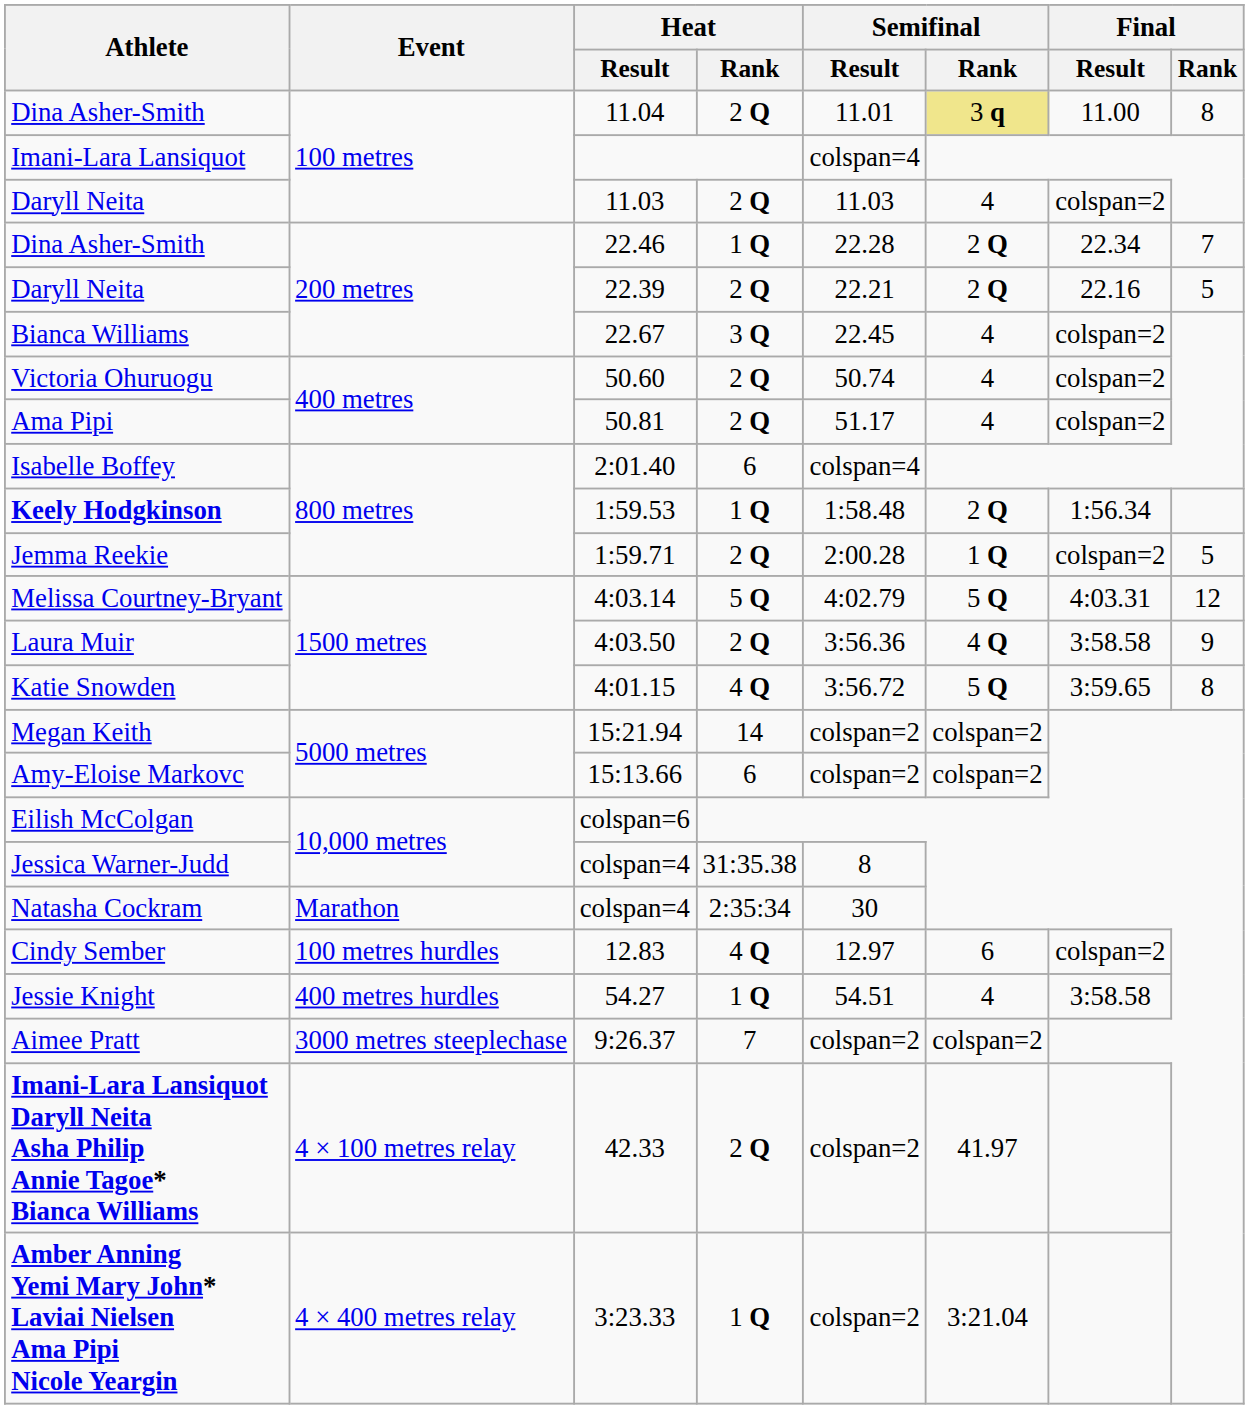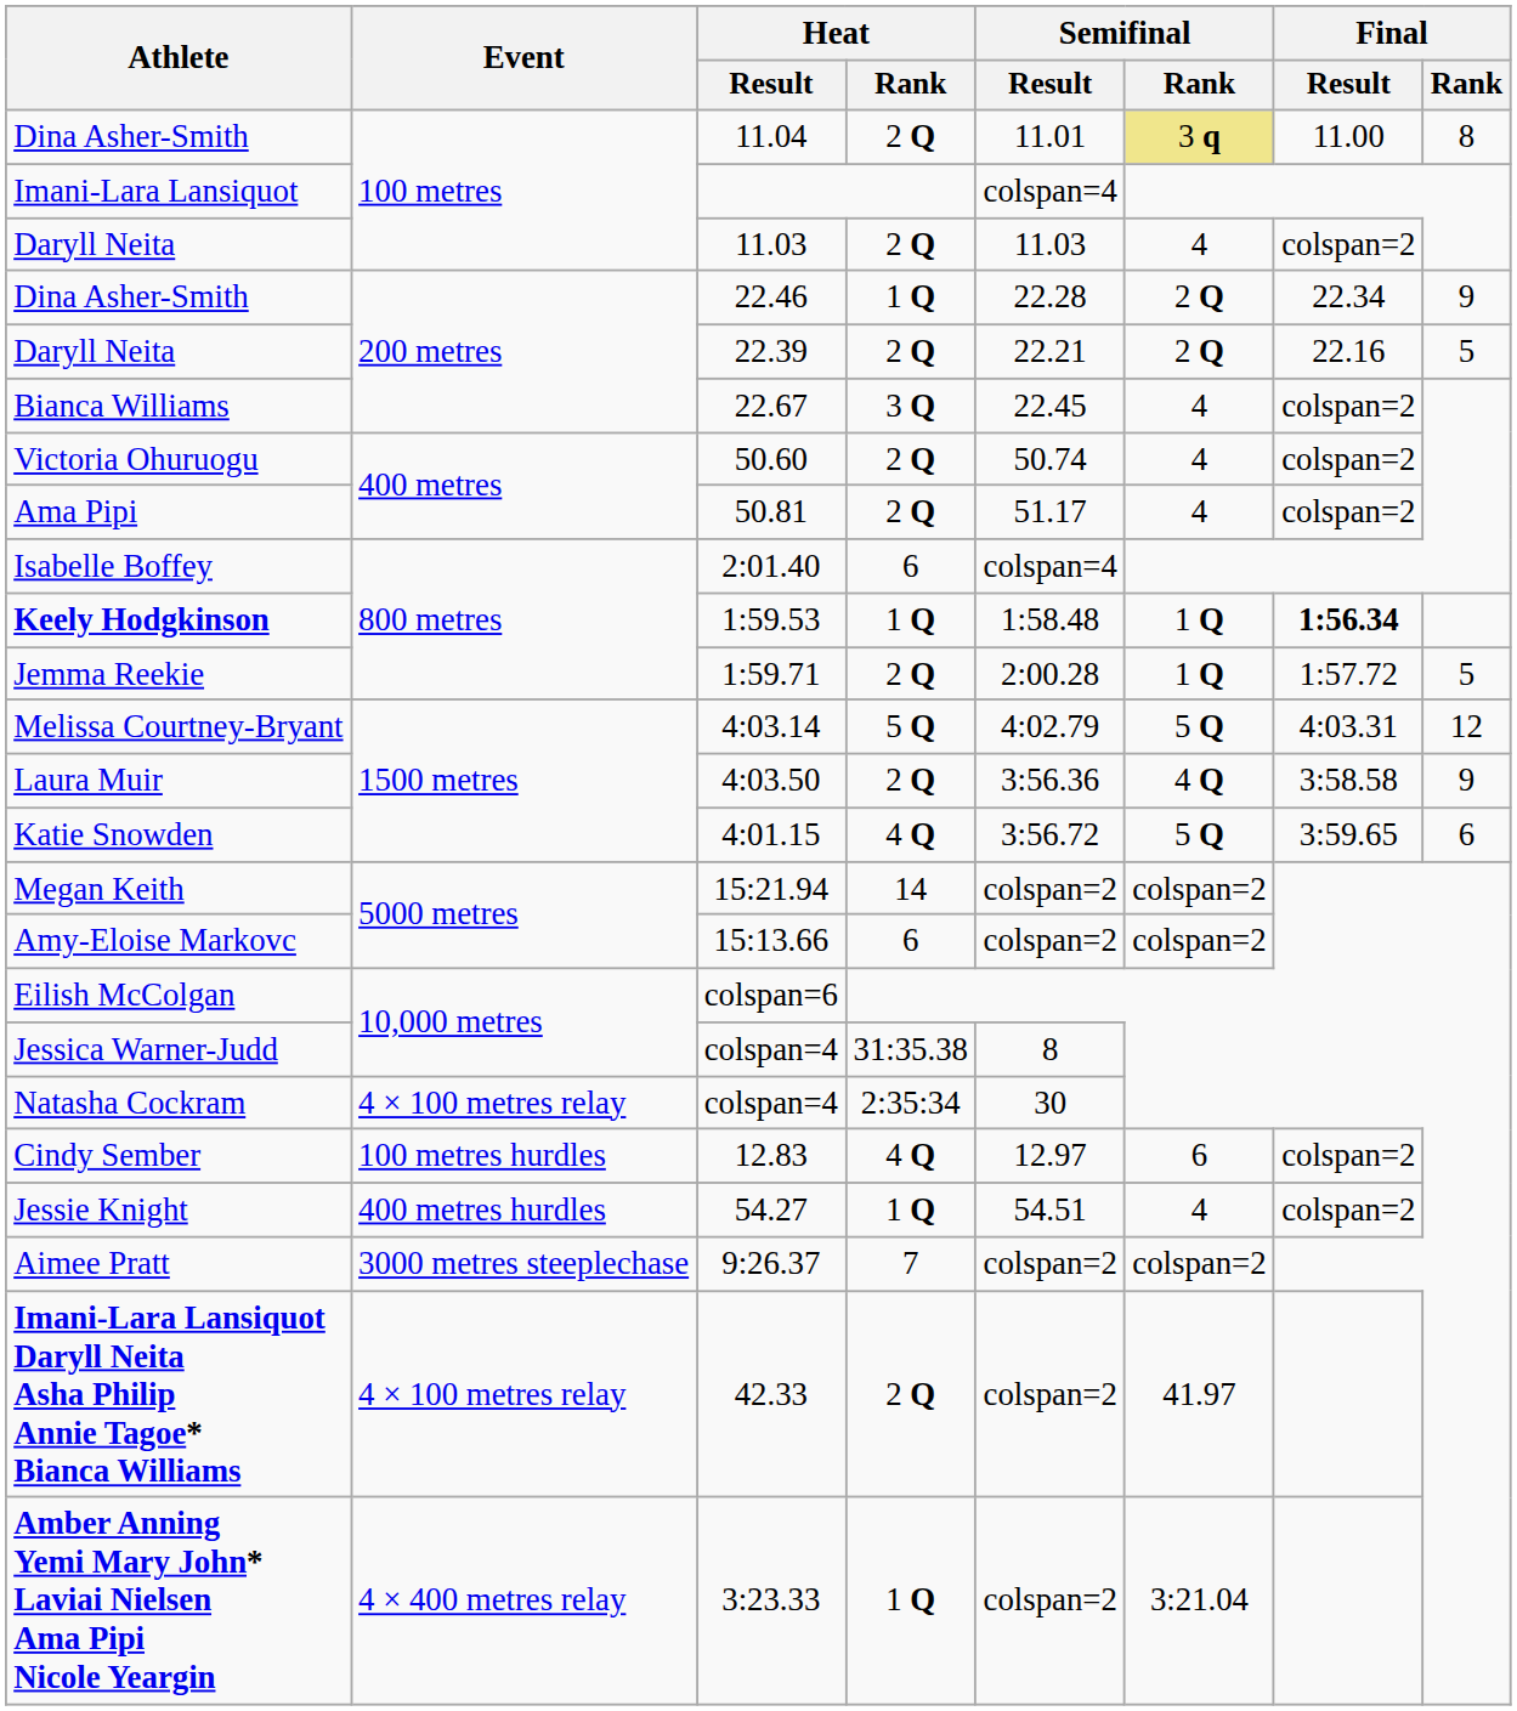 <table class="wikitable" style="font-size:90%">
 <tr>
 <th rowspan="2">Athlete</th>
 <th rowspan="2">Event</th>
 <th colspan="2">Heat</th>
 <th colspan="2">Semifinal</th>
 <th colspan="2">Final</th>
 </tr>
 <tr style="font-size:95%">
 <th>Result</th>
 <th>Rank</th>
 <th>Result</th>
 <th>Rank</th>
 <th>Result</th>
 <th>Rank</th>
 </tr>
 <tr align=center>
 <td align=left><a href='#'>Dina Asher-Smith</a></td>
 <td align=left rowspan=3><a href='#'>100 metres</a></td>
 <td>11.04</td>
 <td>2 <strong>Q</strong></td>
 <td>11.01</td>
 <td style="background: khaki;">3 <strong>q</strong></td>
 <td>11.00</td>
 <td>8</td>
 </tr>
 <tr align=center>
 <td align=left><a href='#'>Imani-Lara Lansiquot</a></td>
 <td colspan=2></td>
 <td>colspan=4 </td>
 </tr>
 <tr align=center>
 <td align=left><a href='#'>Daryll Neita</a></td>
 <td>11.03</td>
 <td>2 <strong>Q</strong></td>
 <td>11.03</td>
 <td>4</td>
 <td>colspan=2 </td>
 </tr>
 <tr align=center>
 <td align=left><a href='#'>Dina Asher-Smith</a></td>
 <td align=left rowspan=3><a href='#'>200 metres</a></td>
 <td>22.46</td>
 <td>1 <strong>Q</strong></td>
 <td>22.28</td>
 <td>2 <strong>Q</strong></td>
 <td>22.34</td>
-<td>7</td>
+<td>9</td>
 </tr>
 <tr align=center>
 <td align=left><a href='#'>Daryll Neita</a></td>
 <td>22.39</td>
 <td>2 <strong>Q</strong></td>
 <td>22.21 </td>
 <td>2 <strong>Q</strong></td>
 <td>22.16 </td>
 <td>5</td>
 </tr>
 <tr align=center>
 <td align=left><a href='#'>Bianca Williams</a></td>
 <td>22.67</td>
 <td>3 <strong>Q</strong></td>
 <td>22.45 </td>
 <td>4</td>
 <td>colspan=2 </td>
 </tr>
 <tr align=center>
 <td align=left><a href='#'>Victoria Ohuruogu</a></td>
 <td align=left rowspan=2><a href='#'>400 metres</a></td>
 <td>50.60</td>
 <td>2 <strong>Q</strong></td>
 <td>50.74</td>
 <td>4</td>
 <td>colspan=2 </td>
 </tr>
 <tr align=center>
 <td align=left><a href='#'>Ama Pipi</a></td>
 <td>50.81</td>
 <td>2 <strong>Q</strong></td>
 <td>51.17</td>
 <td>4</td>
 <td>colspan=2 </td>
 </tr>
 <tr align=center>
 <td align=left><a href='#'>Isabelle Boffey</a></td>
 <td align=left rowspan=3><a href='#'>800 metres</a></td>
 <td>2:01.40</td>
 <td>6</td>
 <td>colspan=4 </td>
 </tr>
 <tr align=center>
 <td align=left><strong><a href='#'>Keely Hodgkinson</a></strong></td>
 <td>1:59.53</td>
 <td>1 <strong>Q</strong></td>
 <td>1:58.48</td>
-<td>2 <strong>Q</strong></td>
-<td>1:56.34</td>
+<td>1 <strong>Q</strong></td>
+<td><strong>1:56.34</strong></td>
 <td></td>
 </tr>
 <tr align=center>
 <td align=left><a href='#'>Jemma Reekie</a></td>
 <td>1:59.71</td>
 <td>2 <strong>Q</strong></td>
 <td>2:00.28</td>
 <td>1 <strong>Q</strong></td>
-<td>colspan=2 </td>
+<td>1:57.72</td>
 <td>5</td>
 </tr>
 <tr align=center>
 <td align=left><a href='#'>Melissa Courtney-Bryant</a></td>
 <td align=left rowspan=3><a href='#'>1500 metres</a></td>
 <td>4:03.14</td>
 <td>5 <strong>Q</strong></td>
 <td>4:02.79</td>
 <td>5 <strong>Q</strong></td>
 <td>4:03.31</td>
 <td>12</td>
 </tr>
 <tr align=center>
 <td align=left><a href='#'>Laura Muir</a></td>
 <td>4:03.50</td>
 <td>2 <strong>Q</strong></td>
 <td>3:56.36 </td>
 <td>4 <strong>Q</strong></td>
 <td>3:58.58</td>
 <td>9</td>
 </tr>
 <tr align=center>
 <td align=left><a href='#'>Katie Snowden</a></td>
 <td>4:01.15</td>
 <td>4 <strong>Q</strong></td>
 <td>3:56.72 </td>
 <td>5 <strong>Q</strong></td>
 <td>3:59.65</td>
-<td>8</td>
+<td>6</td>
 </tr>
 <tr align=center>
 <td align=left><a href='#'>Megan Keith</a></td>
 <td align=left rowspan=2><a href='#'>5000 metres</a></td>
 <td>15:21.94</td>
 <td>14</td>
 <td>colspan=2 </td>
 <td>colspan=2 </td>
 </tr>
 <tr align=center>
 <td align=left><a href='#'>Amy-Eloise Markovc</a></td>
 <td>15:13.66 </td>
 <td>6</td>
 <td>colspan=2 </td>
 <td>colspan=2 </td>
 </tr>
 <tr align=center>
 <td align=left><a href='#'>Eilish McColgan</a></td>
 <td align=left rowspan=2><a href='#'>10,000 metres</a></td>
 <td>colspan=6</td>
 </tr>
 <tr align=center>
 <td align=left><a href='#'>Jessica Warner-Judd</a></td>
 <td>colspan=4</td>
 <td>31:35.38</td>
 <td>8</td>
 </tr>
 <tr align=center>
 <td align=left><a href='#'>Natasha Cockram</a></td>
-<td align=left><a href='#'>Marathon</a></td>
+<td align=left><a href='#'>4 × 100 metres relay</a></td>
 <td>colspan=4</td>
 <td>2:35:34 </td>
 <td>30</td>
 </tr>
 <tr align=center>
 <td align=left><a href='#'>Cindy Sember</a></td>
 <td align=left><a href='#'>100 metres hurdles</a></td>
 <td>12.83 </td>
 <td>4 <strong>Q</strong></td>
 <td>12.97</td>
 <td>6</td>
 <td>colspan=2 </td>
 </tr>
 <tr align=center>
 <td align=left><a href='#'>Jessie Knight</a></td>
 <td align=left><a href='#'>400 metres hurdles</a></td>
 <td>54.27</td>
 <td>1 <strong>Q</strong></td>
 <td>54.51</td>
 <td>4</td>
-<td>3:58.58</td>
+<td>colspan=2 </td>
 </tr>
 <tr align=center>
 <td align=left><a href='#'>Aimee Pratt</a></td>
 <td align=left><a href='#'>3000 metres steeplechase</a></td>
 <td>9:26.37</td>
 <td>7</td>
 <td>colspan=2 </td>
 <td>colspan=2 </td>
 </tr>
 <tr align=center>
 <td align=left><strong><a href='#'>Imani-Lara Lansiquot</a><br><a href='#'>Daryll Neita</a><br><a href='#'>Asha Philip</a><br><a href='#'>Annie Tagoe</a>*<br><a href='#'>Bianca Williams</a></strong></td>
 <td align=left><a href='#'>4 × 100 metres relay</a></td>
 <td>42.33 </td>
 <td>2 <strong>Q</strong></td>
 <td>colspan=2</td>
 <td>41.97 </td>
 <td></td>
 </tr>
 <tr align=center>
 <td align=left><strong><a href='#'>Amber Anning</a><br><a href='#'>Yemi Mary John</a>*<br><a href='#'>Laviai Nielsen</a><br><a href='#'>Ama Pipi</a><br><a href='#'>Nicole Yeargin</a></strong></td>
 <td align=left><a href='#'>4 × 400 metres relay</a></td>
 <td>3:23.33 </td>
 <td>1 <strong>Q</strong></td>
 <td>colspan=2</td>
 <td>3:21.04 </td>
 <td></td>
 </tr>
 </table>
